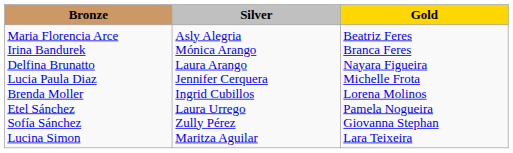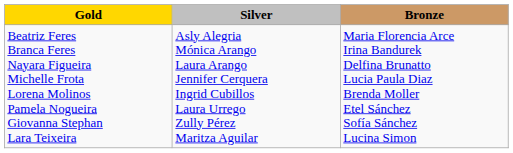 <table class="wikitable" style="text-align:left">
 <tr align="center">
+<td width=200 bgcolor=gold><strong>Gold</strong></td>
+<td width=200 bgcolor=silver><strong>Silver</strong></td>
 <td width=200 bgcolor=CC9966><strong>Bronze</strong></td>
-<td width=200 bgcolor=silver><strong>Silver</strong></td>
-<td width=200 bgcolor=gold><strong>Gold</strong></td>
 </tr>
 <tr>
+<td><a href='#'>Beatriz Feres</a><br><a href='#'>Branca Feres</a><br><a href='#'>Nayara Figueira</a><br><a href='#'>Michelle Frota</a><br><a href='#'>Lorena Molinos</a><br><a href='#'>Pamela Nogueira</a><br><a href='#'>Giovanna Stephan</a><br><a href='#'>Lara Teixeira</a><br><em></em></td>
+<td><a href='#'>Asly Alegria</a><br><a href='#'>Mónica Arango</a><br><a href='#'>Laura Arango</a><br><a href='#'>Jennifer Cerquera</a><br><a href='#'>Ingrid Cubillos</a><br><a href='#'>Laura Urrego</a><br><a href='#'>Zully Pérez</a><br><a href='#'>Maritza Aguilar</a><br><em></em></td>
 <td><a href='#'>Maria Florencia Arce</a><br><a href='#'>Irina Bandurek</a><br><a href='#'>Delfina Brunatto</a><br><a href='#'>Lucia Paula Diaz</a><br><a href='#'>Brenda Moller</a><br><a href='#'>Etel Sánchez</a><br><a href='#'>Sofía Sánchez</a><br><a href='#'>Lucina Simon</a><br><em></em></td>
-<td><a href='#'>Asly Alegria</a><br><a href='#'>Mónica Arango</a><br><a href='#'>Laura Arango</a><br><a href='#'>Jennifer Cerquera</a><br><a href='#'>Ingrid Cubillos</a><br><a href='#'>Laura Urrego</a><br><a href='#'>Zully Pérez</a><br><a href='#'>Maritza Aguilar</a><br><em></em></td>
-<td><a href='#'>Beatriz Feres</a><br><a href='#'>Branca Feres</a><br><a href='#'>Nayara Figueira</a><br><a href='#'>Michelle Frota</a><br><a href='#'>Lorena Molinos</a><br><a href='#'>Pamela Nogueira</a><br><a href='#'>Giovanna Stephan</a><br><a href='#'>Lara Teixeira</a><br><em></em></td>
 </tr>
 </table>
